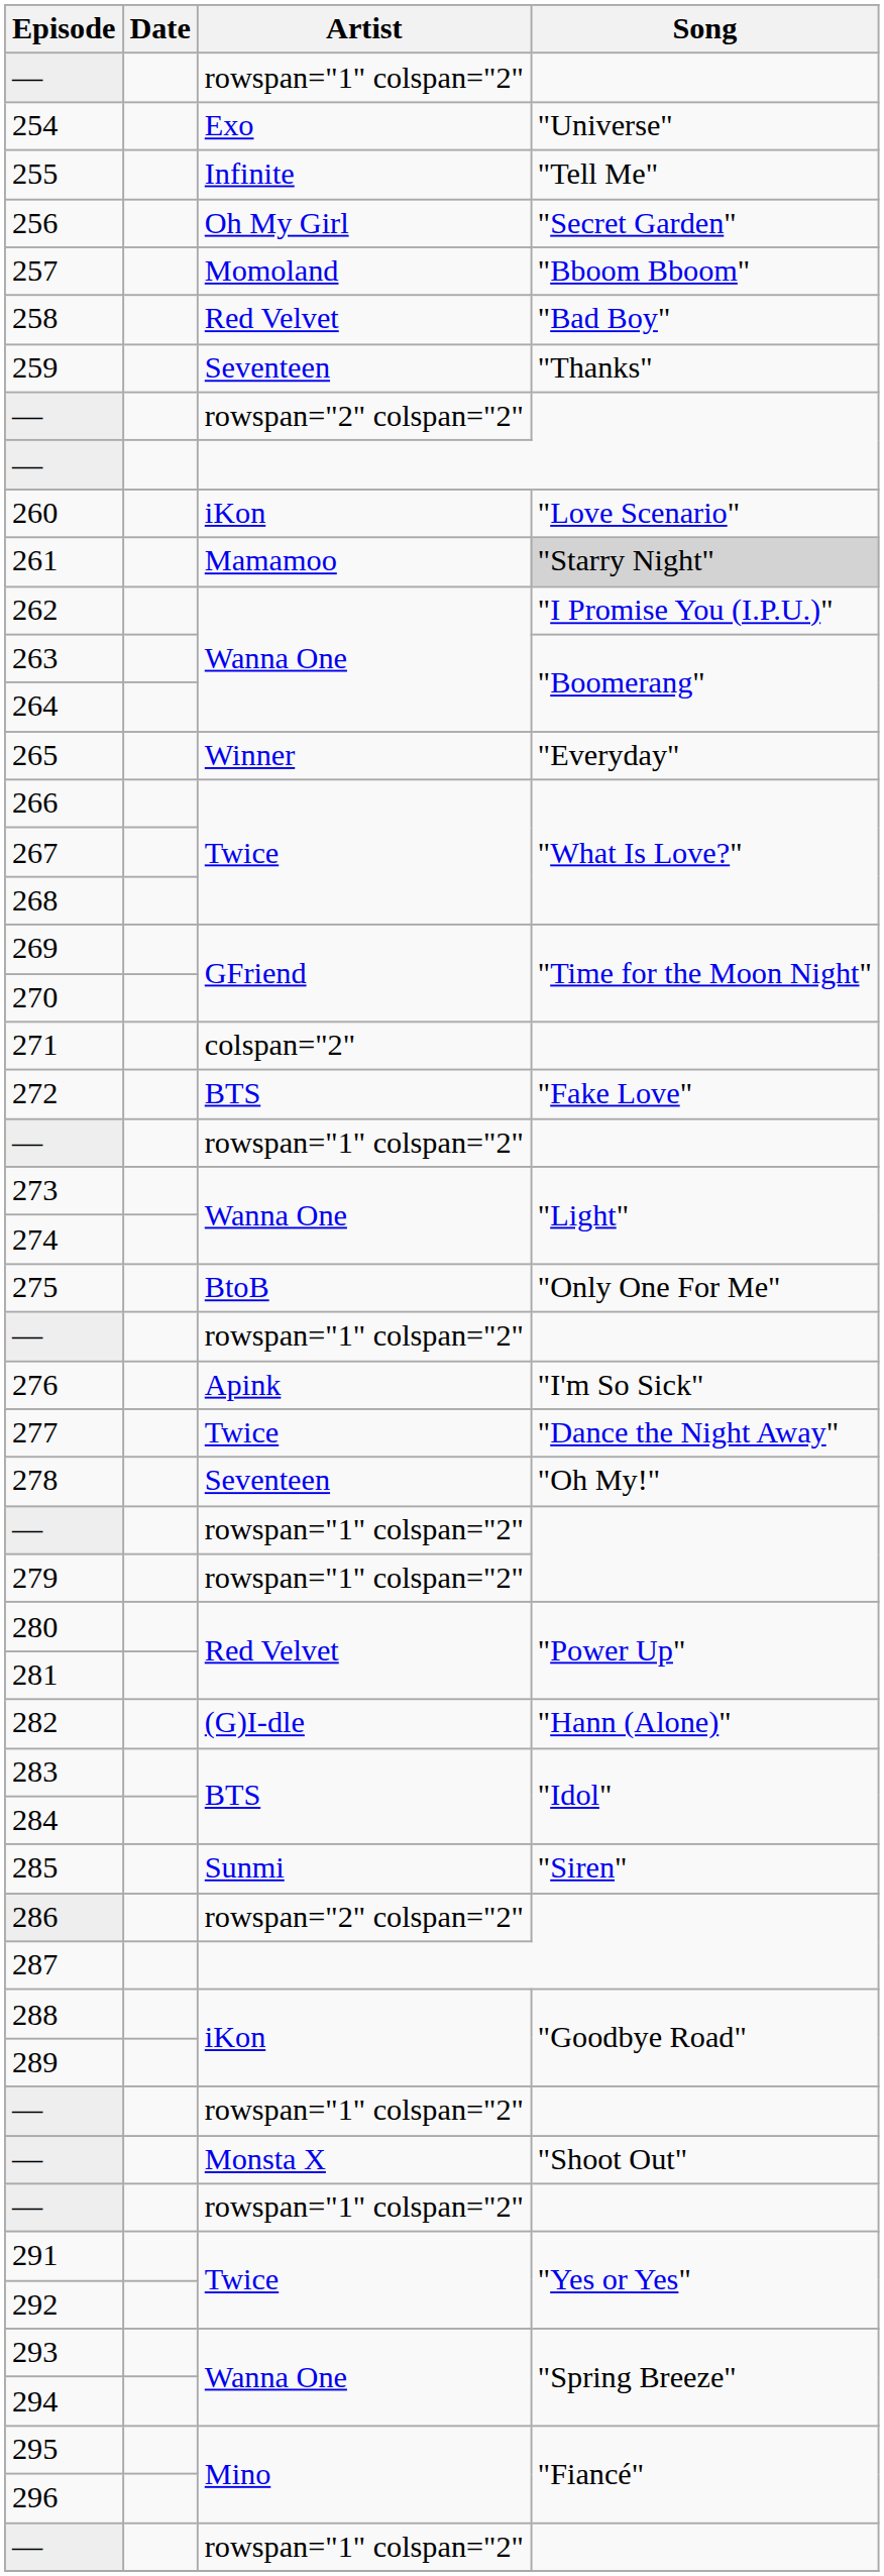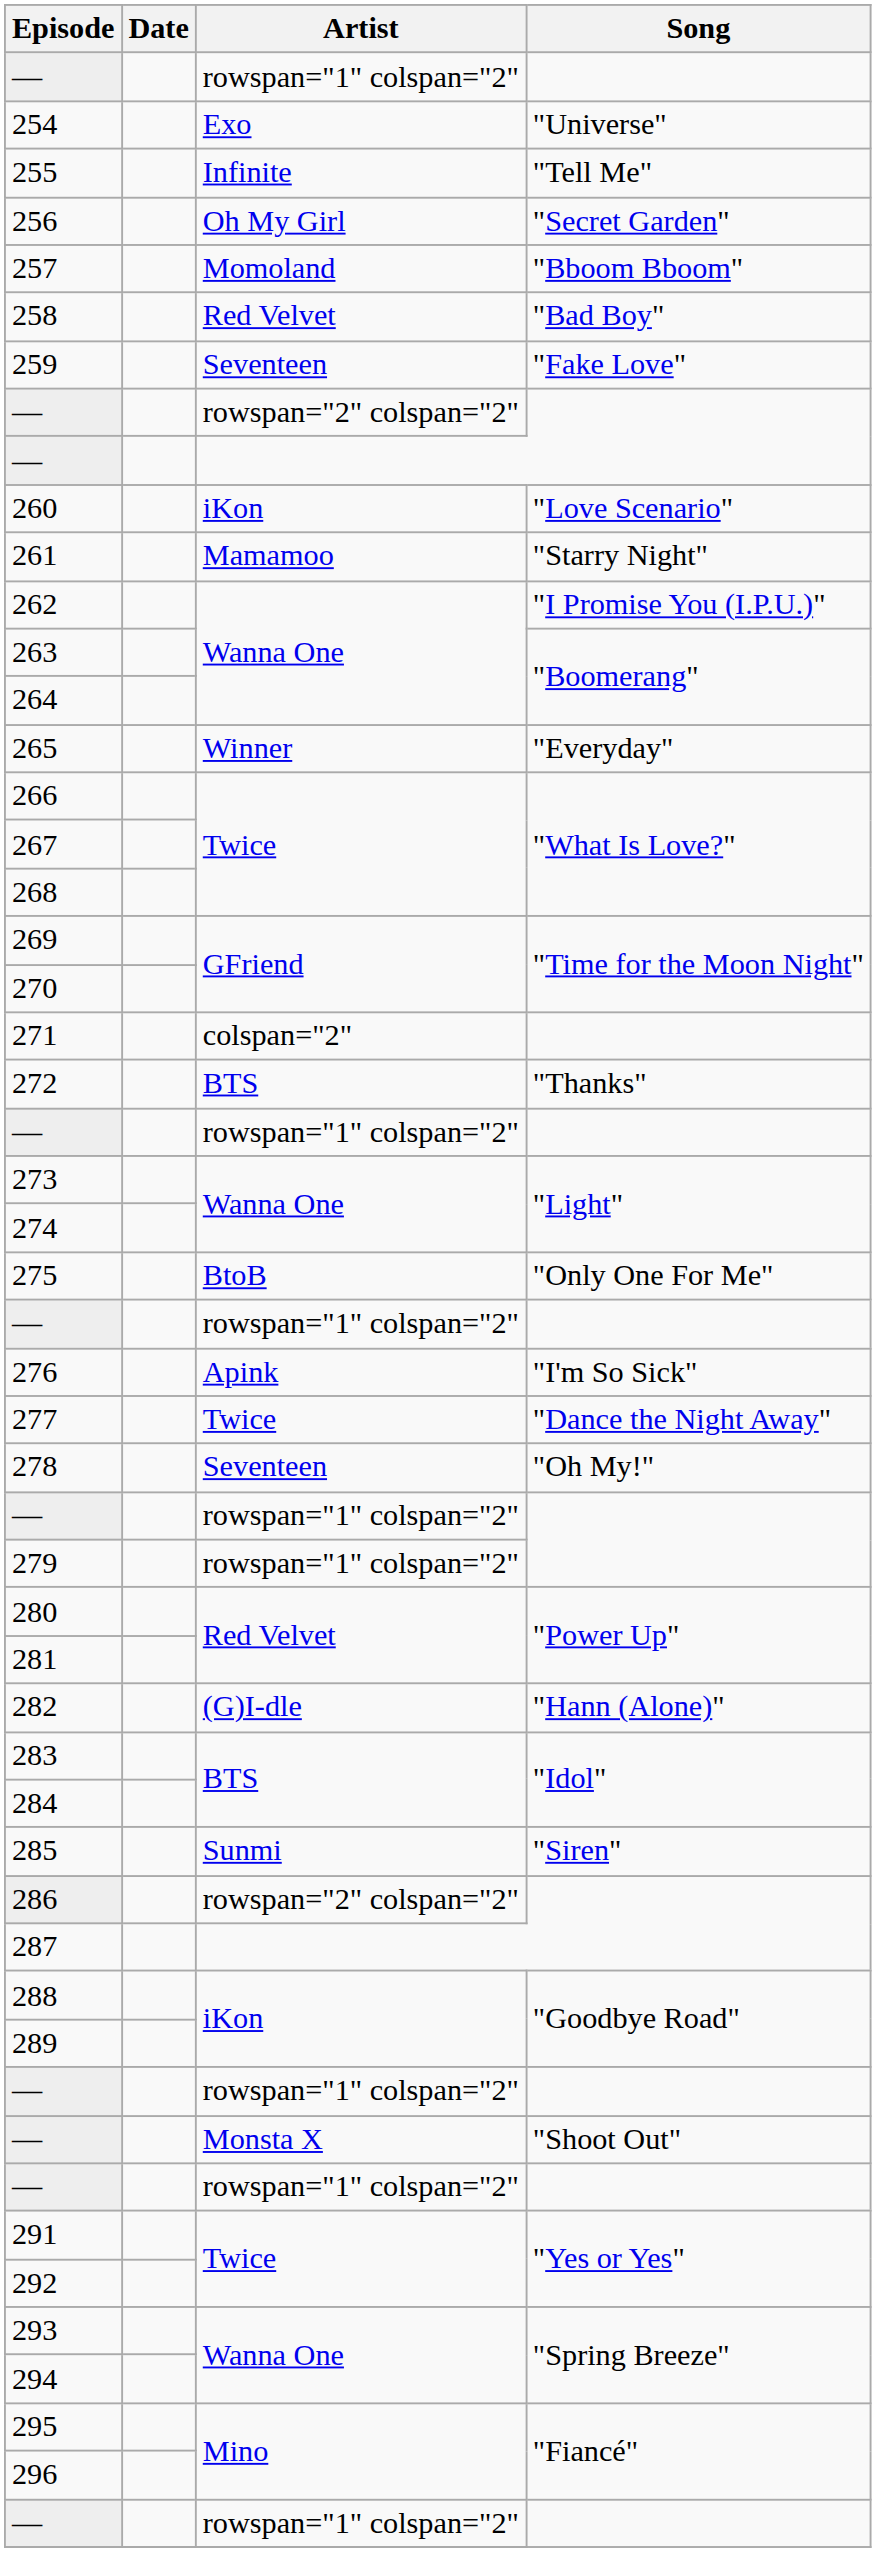 <table class="sortable wikitable">
 <tr>
 <th>Episode</th>
 <th>Date</th>
 <th>Artist</th>
 <th>Song</th>
 </tr>
 <tr>
 <td style="background:#eee;">—</td>
 <td></td>
 <td>rowspan="1" colspan="2" </td>
 </tr>
 <tr>
 <td>254</td>
 <td></td>
 <td><a href='#'>Exo</a></td>
 <td>"Universe"</td>
 </tr>
 <tr>
 <td>255</td>
 <td></td>
 <td><a href='#'>Infinite</a></td>
 <td>"Tell Me"</td>
 </tr>
 <tr>
 <td>256</td>
 <td></td>
 <td><a href='#'>Oh My Girl</a></td>
 <td>"<a href='#'>Secret Garden</a>"</td>
 </tr>
 <tr>
 <td>257</td>
 <td></td>
 <td><a href='#'>Momoland</a></td>
 <td>"<a href='#'>Bboom Bboom</a>"</td>
 </tr>
 <tr>
 <td>258</td>
 <td></td>
 <td><a href='#'>Red Velvet</a></td>
 <td>"<a href='#'>Bad Boy</a>"</td>
 </tr>
 <tr>
 <td>259</td>
 <td></td>
 <td><a href='#'>Seventeen</a></td>
-<td>"Thanks"</td>
+<td>"<a href='#'>Fake Love</a>"</td>
 </tr>
 <tr>
 <td style="background:#eee;">—</td>
 <td></td>
 <td>rowspan="2" colspan="2" </td>
 </tr>
 <tr>
 <td style="background:#eee;">—</td>
 <td></td>
 </tr>
 <tr>
 <td>260</td>
 <td></td>
 <td><a href='#'>iKon</a></td>
 <td>"<a href='#'>Love Scenario</a>"</td>
 </tr>
 <tr>
 <td>261</td>
 <td></td>
 <td><a href='#'>Mamamoo</a></td>
-<td style="background: lightgrey;">"Starry Night"</td>
+<td>"Starry Night"</td>
 </tr>
 <tr>
 <td>262</td>
 <td></td>
 <td rowspan="3"><a href='#'>Wanna One</a></td>
 <td>"<a href='#'>I Promise You (I.P.U.)</a>"</td>
 </tr>
 <tr>
 <td>263</td>
 <td></td>
 <td rowspan="2">"<a href='#'>Boomerang</a>"</td>
 </tr>
 <tr>
 <td>264</td>
 <td></td>
 </tr>
 <tr>
 <td>265</td>
 <td></td>
 <td><a href='#'>Winner</a></td>
 <td>"Everyday"</td>
 </tr>
 <tr>
 <td>266</td>
 <td></td>
 <td rowspan="3"><a href='#'>Twice</a></td>
 <td rowspan="3">"<a href='#'>What Is Love?</a>"</td>
 </tr>
 <tr>
 <td>267</td>
 <td></td>
 </tr>
 <tr>
 <td>268</td>
 <td></td>
 </tr>
 <tr>
 <td>269</td>
 <td></td>
 <td rowspan="2"><a href='#'>GFriend</a></td>
 <td rowspan="2">"<a href='#'>Time for the Moon Night</a>"</td>
 </tr>
 <tr>
 <td>270</td>
 <td></td>
 </tr>
 <tr>
 <td>271</td>
 <td></td>
 <td>colspan="2" </td>
 </tr>
 <tr>
 <td>272</td>
 <td></td>
 <td><a href='#'>BTS</a></td>
-<td>"<a href='#'>Fake Love</a>"</td>
+<td>"Thanks"</td>
 </tr>
 <tr>
 <td style="background:#eee;">—</td>
 <td></td>
 <td>rowspan="1" colspan="2" </td>
 </tr>
 <tr>
 <td>273</td>
 <td></td>
 <td rowspan="2"><a href='#'>Wanna One</a></td>
 <td rowspan="2">"<a href='#'>Light</a>"</td>
 </tr>
 <tr>
 <td>274</td>
 <td></td>
 </tr>
 <tr>
 <td>275</td>
 <td></td>
 <td><a href='#'>BtoB</a></td>
 <td>"Only One For Me"</td>
 </tr>
 <tr>
 <td style="background:#eee;">—</td>
 <td></td>
 <td>rowspan="1" colspan="2" </td>
 </tr>
 <tr>
 <td>276</td>
 <td></td>
 <td><a href='#'>Apink</a></td>
 <td>"I'm So Sick"</td>
 </tr>
 <tr>
 <td>277</td>
 <td></td>
 <td><a href='#'>Twice</a></td>
 <td>"<a href='#'>Dance the Night Away</a>"</td>
 </tr>
 <tr>
 <td>278</td>
 <td></td>
 <td><a href='#'>Seventeen</a></td>
 <td>"Oh My!"</td>
 </tr>
 <tr>
 <td style="background:#eee;">—</td>
 <td></td>
 <td>rowspan="1" colspan="2" </td>
 </tr>
 <tr>
 <td>279</td>
 <td></td>
 <td>rowspan="1" colspan="2" </td>
 </tr>
 <tr>
 <td>280</td>
 <td></td>
 <td rowspan="2"><a href='#'>Red Velvet</a></td>
 <td rowspan="2">"<a href='#'>Power Up</a>"</td>
 </tr>
 <tr>
 <td>281</td>
 <td></td>
 </tr>
 <tr>
 <td>282</td>
 <td></td>
 <td><a href='#'>(G)I-dle</a></td>
 <td>"<a href='#'>Hann (Alone)</a>"</td>
 </tr>
 <tr>
 <td>283</td>
 <td></td>
 <td rowspan="2"><a href='#'>BTS</a></td>
 <td rowspan="2">"<a href='#'>Idol</a>"</td>
 </tr>
 <tr>
 <td>284</td>
 <td></td>
 </tr>
 <tr>
 <td>285</td>
 <td></td>
 <td><a href='#'>Sunmi</a></td>
 <td>"<a href='#'>Siren</a>"</td>
 </tr>
 <tr>
 <td style="background:#eee;">286</td>
 <td></td>
 <td>rowspan="2" colspan="2" </td>
 </tr>
 <tr>
 <td>287</td>
 <td></td>
 </tr>
 <tr>
 <td>288</td>
 <td></td>
 <td rowspan="2"><a href='#'>iKon</a></td>
 <td rowspan="2">"Goodbye Road"</td>
 </tr>
 <tr>
 <td>289</td>
 <td></td>
 </tr>
 <tr>
 <td style="background:#eee;">—</td>
 <td></td>
 <td>rowspan="1" colspan="2" </td>
 </tr>
 <tr>
 <td style="background:#eee;">—</td>
 <td></td>
 <td><a href='#'>Monsta X</a></td>
 <td>"Shoot Out"</td>
 </tr>
 <tr>
 <td style="background:#eee;">—</td>
 <td></td>
 <td>rowspan="1" colspan="2" </td>
 </tr>
 <tr>
 <td>291</td>
 <td></td>
 <td rowspan="2"><a href='#'>Twice</a></td>
 <td rowspan="2">"<a href='#'>Yes or Yes</a>"</td>
 </tr>
 <tr>
 <td>292</td>
 <td></td>
 </tr>
 <tr>
 <td>293</td>
 <td></td>
 <td rowspan="2"><a href='#'>Wanna One</a></td>
 <td rowspan="2">"Spring Breeze"</td>
 </tr>
 <tr>
 <td>294</td>
 <td></td>
 </tr>
 <tr>
 <td>295</td>
 <td></td>
 <td rowspan="2"><a href='#'>Mino</a></td>
 <td rowspan="2">"Fiancé"</td>
 </tr>
 <tr>
 <td>296</td>
 <td></td>
 </tr>
 <tr>
 <td style="background:#eee;">—</td>
 <td></td>
 <td>rowspan="1" colspan="2" </td>
 </tr>
 <tr>
 </tr>
 </table>
